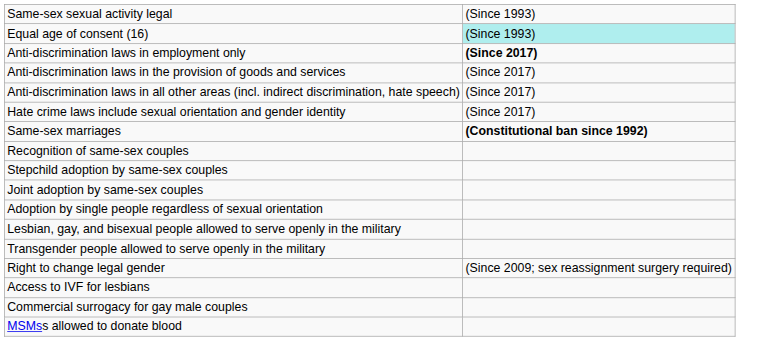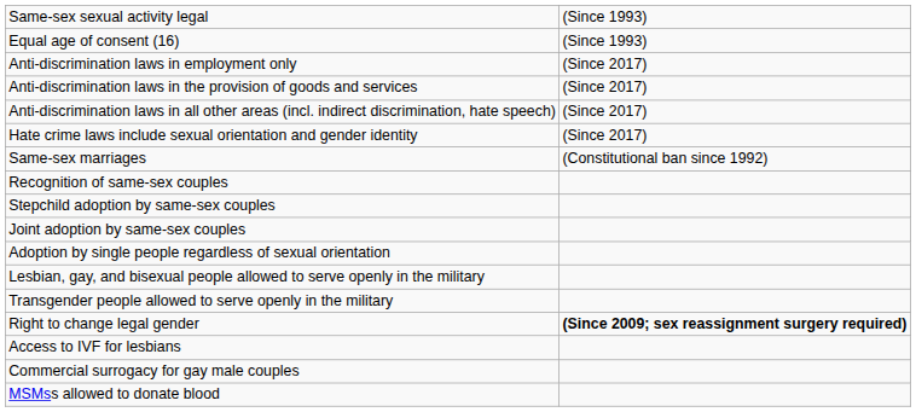 <table class="wikitable">
 <tr>
 <td>Same-sex sexual activity legal</td>
 <td> (Since 1993)</td>
 </tr>
 <tr>
 <td>Equal age of consent (16)</td>
-<td style="background: paleturquoise;"> (Since 1993)</td>
+<td> (Since 1993)</td>
 </tr>
 <tr>
 <td>Anti-discrimination laws in employment only</td>
-<td><strong> (Since 2017)</strong></td>
+<td> (Since 2017)</td>
 </tr>
 <tr>
 <td>Anti-discrimination laws in the provision of goods and services</td>
 <td> (Since 2017)</td>
 </tr>
 <tr>
 <td>Anti-discrimination laws in all other areas (incl. indirect discrimination, hate speech)</td>
 <td> (Since 2017)</td>
 </tr>
 <tr>
 <td>Hate crime laws include sexual orientation and gender identity</td>
 <td> (Since 2017)</td>
 </tr>
 <tr>
 <td>Same-sex marriages</td>
-<td><strong> (Constitutional ban since 1992)</strong></td>
+<td> (Constitutional ban since 1992)</td>
 </tr>
 <tr>
 <td>Recognition of same-sex couples</td>
 <td></td>
 </tr>
 <tr>
 <td>Stepchild adoption by same-sex couples</td>
 <td></td>
 </tr>
 <tr>
 <td>Joint adoption by same-sex couples</td>
 <td></td>
 </tr>
 <tr>
 <td>Adoption by single people regardless of sexual orientation</td>
 <td></td>
 </tr>
 <tr>
 <td>Lesbian, gay, and bisexual people allowed to serve openly in the military</td>
 <td></td>
 </tr>
 <tr>
 <td>Transgender people allowed to serve openly in the military</td>
 <td></td>
 </tr>
 <tr>
 <td>Right to change legal gender</td>
-<td> (Since 2009; sex reassignment surgery required)</td>
+<td><strong> (Since 2009; sex reassignment surgery required)</strong></td>
 </tr>
 <tr>
 <td>Access to IVF for lesbians</td>
 <td></td>
 </tr>
 <tr>
 <td>Commercial surrogacy for gay male couples</td>
 <td></td>
 </tr>
 <tr>
 <td><a href='#'>MSMs</a>s allowed to donate blood</td>
 <td></td>
 </tr>
 </table>
